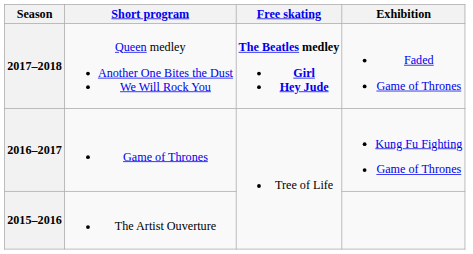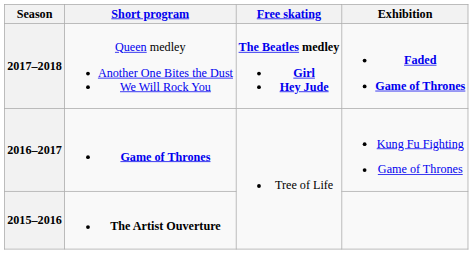 <table class=wikitable style=text-align:center>
 <tr>
 <th>Season</th>
 <th><a href='#'>Short program</a></th>
 <th><a href='#'>Free skating</a></th>
 <th>Exhibition</th>
 </tr>
 <tr>
 <th>2017–2018 <br> </th>
 <td><br><a href='#'>Queen</a> medley<ul><li><a href='#'>Another One Bites the Dust</a></li><li><a href='#'>We Will Rock You</a></li></ul></td>
 <td><strong><br><a href='#'>The Beatles</a> medley<ul><li><a href='#'>Girl</a></li><li><a href='#'>Hey Jude</a></li></ul></strong></td>
-<td><br><ul><li><a href='#'>Faded</a> <br></li></ul><ul><li><a href='#'>Game of Thrones</a> <br></li></ul></td>
+<td><strong><br><ul><li><a href='#'>Faded</a> <br></li></ul><ul><li><a href='#'>Game of Thrones</a> <br></li></ul></strong></td>
 </tr>
 <tr>
 <th>2016–2017 <br> </th>
-<td><br><ul><li><a href='#'>Game of Thrones</a> <br></li></ul></td>
+<td><strong><br><ul><li><a href='#'>Game of Thrones</a> <br></li></ul></strong></td>
 <td rowspan=2><br><ul><li>Tree of Life <br></li></ul></td>
 <td><br><ul><li><a href='#'>Kung Fu Fighting</a> <br></li></ul><ul><li><a href='#'>Game of Thrones</a> <br></li></ul></td>
 </tr>
 <tr>
 <th>2015–2016 <br> </th>
-<td><br><ul><li>The Artist Ouverture <br></li></ul></td>
+<td><strong><br><ul><li>The Artist Ouverture <br></li></ul></strong></td>
 <td></td>
 </tr>
 </table>
